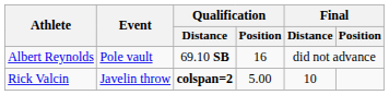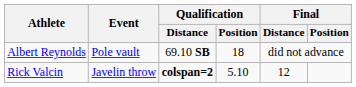 <table class=wikitable style="font-size:90%">
 <tr>
 <th rowspan="2">Athlete</th>
 <th rowspan="2">Event</th>
 <th colspan="2">Qualification</th>
 <th colspan="2">Final</th>
 </tr>
 <tr style="font-size:95%">
 <th>Distance</th>
 <th>Position</th>
 <th>Distance</th>
 <th>Position</th>
 </tr>
 <tr align=center>
 <td align=left><a href='#'>Albert Reynolds</a></td>
 <td align=left><a href='#'>Pole vault</a></td>
 <td>69.10 <strong>SB</strong></td>
-<td>16</td>
+<td>18</td>
 <td colspan=2>did not advance</td>
 </tr>
 <tr align=center>
 <td align=left><a href='#'>Rick Valcin</a></td>
 <td align=left><a href='#'>Javelin throw</a></td>
 <td><strong>colspan=2 </strong></td>
-<td>5.00</td>
-<td>10</td>
+<td>5.10</td>
+<td>12</td>
 </tr>
 </table>
